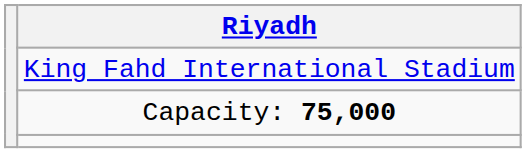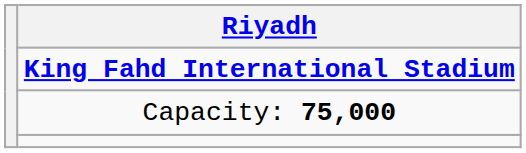 <table class="wikitable" style="text-align:center">
 <tr>
 <th rowspan="4"></th>
 <th><a href='#'>Riyadh</a></th>
 </tr>
 <tr>
-<td><a href='#'>King Fahd International Stadium</a></td>
+<td><strong><a href='#'>King Fahd International Stadium</a></strong></td>
 </tr>
 <tr>
 <td>Capacity: <strong>75,000</strong></td>
 </tr>
 <tr>
 <td></td>
 </tr>
 </table>
